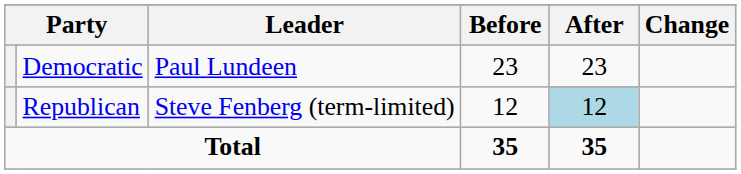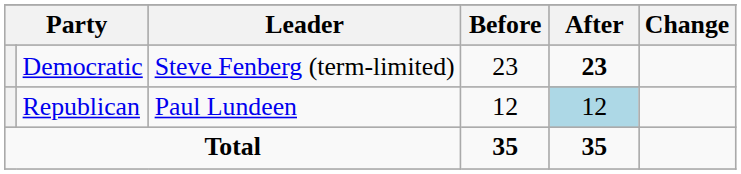 <table class="wikitable" style="text-align:center;">
 <tr>
 </tr>
 <tr>
 <th colspan="2">Party</th>
 <th>Leader</th>
 <th style="width:3em">Before</th>
 <th style="width:3em">After</th>
 <th style="width:3em">Change</th>
 </tr>
 <tr>
 <th style="background-color:"></th>
 <td style="text-align:left;"><a href='#'>Democratic</a></td>
-<td style="text-align:left;"><a href='#'>Paul Lundeen</a></td>
+<td style="text-align:left;"><a href='#'>Steve Fenberg</a> (term-limited)</td>
 <td>23</td>
-<td>23</td>
+<td><strong>23</strong></td>
 <td></td>
 </tr>
 <tr>
 <th style="background-color:"></th>
 <td style="text-align:left;"><a href='#'>Republican</a></td>
-<td style="text-align:left;"><a href='#'>Steve Fenberg</a> (term-limited)</td>
+<td style="text-align:left;"><a href='#'>Paul Lundeen</a></td>
 <td>12</td>
 <td style="background: lightblue;">12</td>
 <td></td>
 </tr>
 <tr>
 <td colspan="3"><strong>Total</strong></td>
 <td><strong>35</strong></td>
 <td><strong>35</strong></td>
 <td></td>
 </tr>
 </table>
